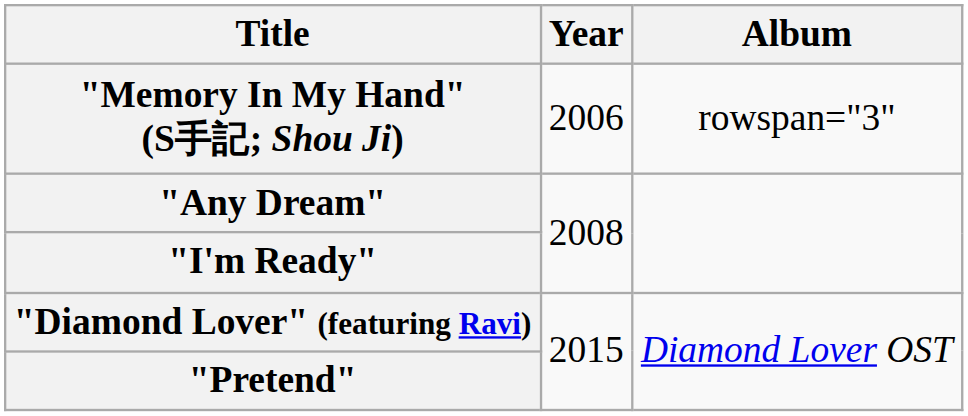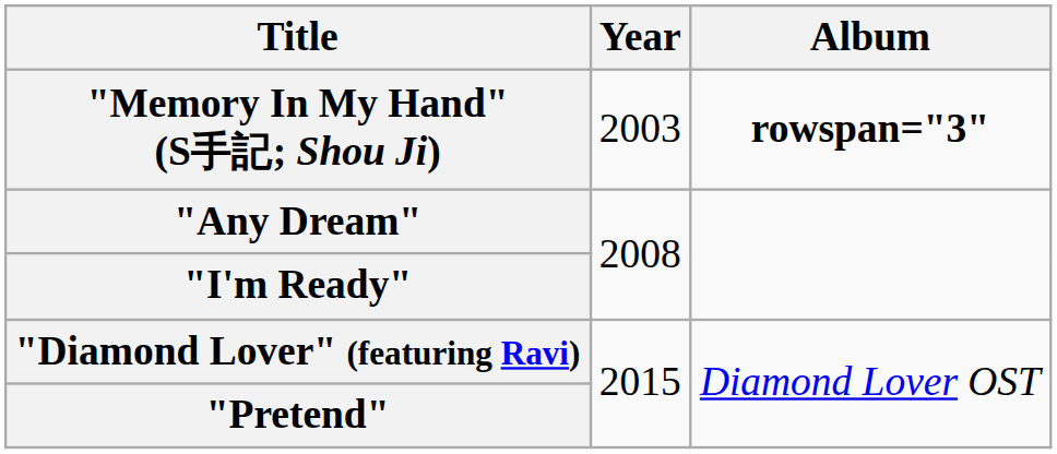 <table class="wikitable plainrowheaders" style="text-align:center;">
 <tr>
 <th scope="col">Title</th>
 <th scope="col">Year</th>
 <th scope="col">Album</th>
 </tr>
 <tr>
 <th scope="row">"Memory In My Hand" <br>(S手記; <em>Shou Ji</em>)</th>
-<td>2006</td>
-<td>rowspan="3" </td>
+<td>2003</td>
+<td><strong>rowspan="3" </strong></td>
 </tr>
 <tr>
 <th scope="row">"Any Dream"</th>
 <td rowspan="2">2008</td>
 </tr>
 <tr>
 <th scope="row">"I'm Ready"</th>
 </tr>
 <tr>
 <th scope="row">"Diamond Lover" <small>(featuring <a href='#'>Ravi</a>)</small></th>
 <td rowspan="2">2015</td>
 <td rowspan="2"><em><a href='#'>Diamond Lover</a> OST</em></td>
 </tr>
 <tr>
 <th scope="row">"Pretend"</th>
 </tr>
 </table>
